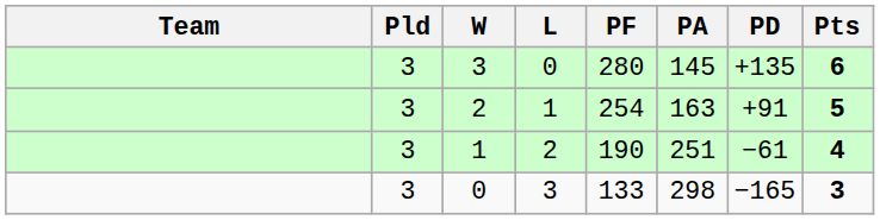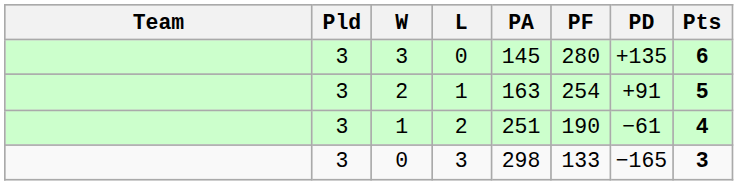 <table class=wikitable style="text-align:center">
 <tr>
 <th width=180>Team</th>
 <th width=30>Pld</th>
 <th width=30>W</th>
 <th width=30>L</th>
+<th width=30>PA</th>
 <th width=30>PF</th>
-<th width=30>PA</th>
 <th width=30>PD</th>
 <th width=30>Pts</th>
 </tr>
 <tr align=center bgcolor="#ccffcc">
 <td align=left></td>
 <td>3</td>
 <td>3</td>
 <td>0</td>
+<td>145</td>
 <td>280</td>
-<td>145</td>
 <td>+135</td>
 <td><strong>6</strong></td>
 </tr>
 <tr align=center bgcolor="#ccffcc">
 <td align=left></td>
 <td>3</td>
 <td>2</td>
 <td>1</td>
+<td>163</td>
 <td>254</td>
-<td>163</td>
 <td>+91</td>
 <td><strong>5</strong></td>
 </tr>
 <tr align=center bgcolor="#ccffcc">
 <td align=left></td>
 <td>3</td>
 <td>1</td>
 <td>2</td>
+<td>251</td>
 <td>190</td>
-<td>251</td>
 <td>−61</td>
 <td><strong>4</strong></td>
 </tr>
 <tr>
 <td align=left></td>
 <td>3</td>
 <td>0</td>
 <td>3</td>
+<td>298</td>
 <td>133</td>
-<td>298</td>
 <td>−165</td>
 <td><strong>3</strong></td>
 </tr>
 </table>
